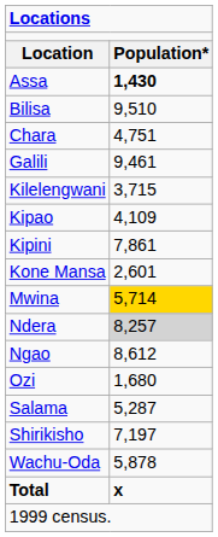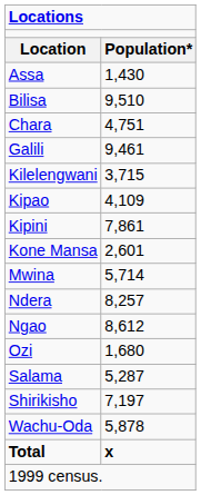 <table class="wikitable">
 <tr>
 <td colspan="2"><strong><a href='#'>Locations</a></strong></td>
 </tr>
 <tr>
 <td colspan="2"></td>
 </tr>
 <tr>
 <th>Location</th>
 <th>Population*</th>
 </tr>
 <tr>
 <td><a href='#'>Assa</a></td>
-<td><strong>1,430</strong></td>
+<td>1,430</td>
 </tr>
 <tr>
 <td><a href='#'>Bilisa</a></td>
 <td>9,510</td>
 </tr>
 <tr>
 <td><a href='#'>Chara</a></td>
 <td>4,751</td>
 </tr>
 <tr>
 <td><a href='#'>Galili</a></td>
 <td>9,461</td>
 </tr>
 <tr>
 <td><a href='#'>Kilelengwani</a></td>
 <td>3,715</td>
 </tr>
 <tr>
 <td><a href='#'>Kipao</a></td>
 <td>4,109</td>
 </tr>
 <tr>
 <td><a href='#'>Kipini</a></td>
 <td>7,861</td>
 </tr>
 <tr>
 <td><a href='#'>Kone Mansa</a></td>
 <td>2,601</td>
 </tr>
 <tr>
 <td><a href='#'>Mwina</a></td>
-<td style="background: gold;">5,714</td>
+<td>5,714</td>
 </tr>
 <tr>
 <td><a href='#'>Ndera</a></td>
-<td style="background: lightgrey;">8,257</td>
+<td>8,257</td>
 </tr>
 <tr>
 <td><a href='#'>Ngao</a></td>
 <td>8,612</td>
 </tr>
 <tr>
 <td><a href='#'>Ozi</a></td>
 <td>1,680</td>
 </tr>
 <tr>
 <td><a href='#'>Salama</a></td>
 <td>5,287</td>
 </tr>
 <tr>
 <td><a href='#'>Shirikisho</a></td>
 <td>7,197</td>
 </tr>
 <tr>
 <td><a href='#'>Wachu-Oda</a></td>
 <td>5,878</td>
 </tr>
 <tr>
 <td><strong>Total</strong></td>
 <td><strong>x</strong></td>
 </tr>
 <tr>
 <td colspan="2">1999 census.</td>
 </tr>
 </table>
